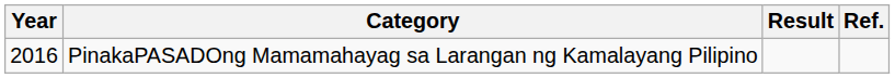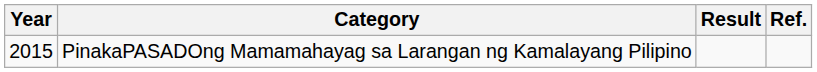 <table class="wikitable plainrowheaders sortable">
 <tr>
 <th>Year</th>
 <th>Category</th>
 <th>Result</th>
 <th>Ref.</th>
 </tr>
 <tr>
-<td>2016</td>
+<td>2015</td>
 <td>PinakaPASADOng Mamamahayag sa Larangan ng Kamalayang Pilipino</td>
 <td></td>
 <td></td>
 </tr>
 </table>
